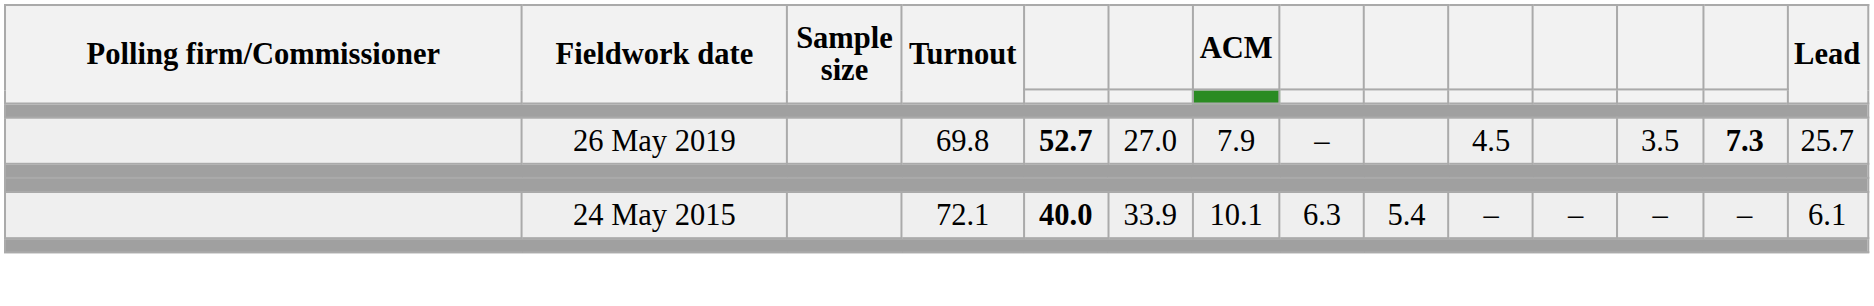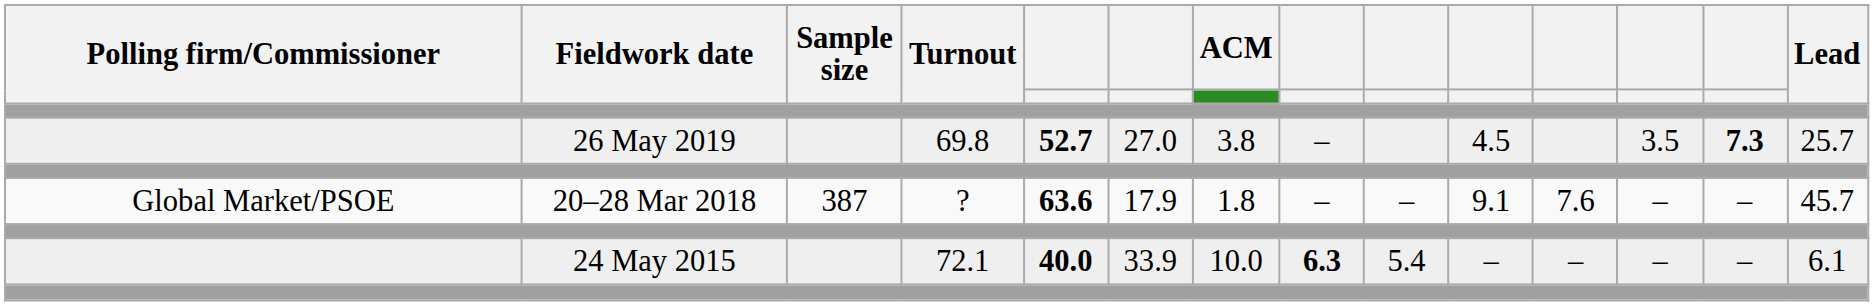 <table class="wikitable collapsible collapsed" style="text-align:center; font-size:95%; line-height:16px;">
 <tr style="height:42px;">
 <th style="width:250px;" rowspan="2">Polling firm/Commissioner</th>
 <th style="width:125px;" rowspan="2">Fieldwork date</th>
 <th style="width:50px;" rowspan="2">Sample size</th>
 <th style="width:45px;" rowspan="2">Turnout</th>
 <th style="width:35px;"></th>
 <th style="width:35px;"></th>
 <th style="width:35px;">ACM</th>
 <th style="width:35px;"></th>
 <th style="width:35px;"></th>
 <th style="width:35px;"></th>
 <th style="width:35px;"></th>
 <th style="width:35px;"></th>
 <th style="width:35px;"></th>
 <th style="width:30px;" rowspan="2">Lead</th>
 </tr>
 <tr>
 <th style="color:inherit;background:"></th>
 <th style="color:inherit;background:"></th>
 <th style="color:inherit;background:#2A8B22;"></th>
 <th style="color:inherit;background:"></th>
 <th style="color:inherit;background:"></th>
 <th style="color:inherit;background:"></th>
 <th style="color:inherit;background:"></th>
 <th style="color:inherit;background:"></th>
 <th style="color:inherit;background:"></th>
 </tr>
 <tr>
 <td colspan="14" style="background:#A0A0A0"></td>
 </tr>
 <tr style="background:#EFEFEF;">
 <td><strong></strong></td>
 <td>26 May 2019</td>
 <td></td>
 <td>69.8</td>
 <td><strong>52.7</strong><br></td>
 <td>27.0<br></td>
-<td>7.9<br></td>
+<td>3.8<br></td>
 <td>–</td>
 <td></td>
 <td>4.5<br></td>
 <td></td>
 <td>3.5<br></td>
 <td><strong>7.3<br></strong></td>
 <td style="background:">25.7</td>
 </tr>
 <tr>
 <td colspan="14" style="background:#A0A0A0"></td>
 </tr>
 <tr>
+<td>Global Market/PSOE</td>
+<td>20–28 Mar 2018</td>
+<td>387</td>
+<td>?</td>
+<td><strong>63.6</strong><br></td>
+<td>17.9<br></td>
+<td>1.8<br></td>
+<td>–</td>
+<td>–</td>
+<td>9.1<br></td>
+<td>7.6<br></td>
+<td>–</td>
+<td>–</td>
+<td style="background:">45.7</td>
+</tr>
+<tr>
 <td colspan="14" style="background:#A0A0A0"></td>
 </tr>
 <tr style="background:#EFEFEF;">
 <td><strong></strong></td>
 <td>24 May 2015</td>
 <td></td>
 <td>72.1</td>
 <td><strong>40.0</strong><br></td>
 <td>33.9<br></td>
-<td>10.1<br></td>
-<td>6.3<br></td>
+<td>10.0<br></td>
+<td><strong>6.3<br></strong></td>
 <td>5.4<br></td>
 <td>–</td>
 <td>–</td>
 <td>–</td>
 <td>–</td>
 <td style="background:">6.1</td>
 </tr>
 <tr>
 <td colspan="14" style="background:#A0A0A0"></td>
 </tr>
 </table>
